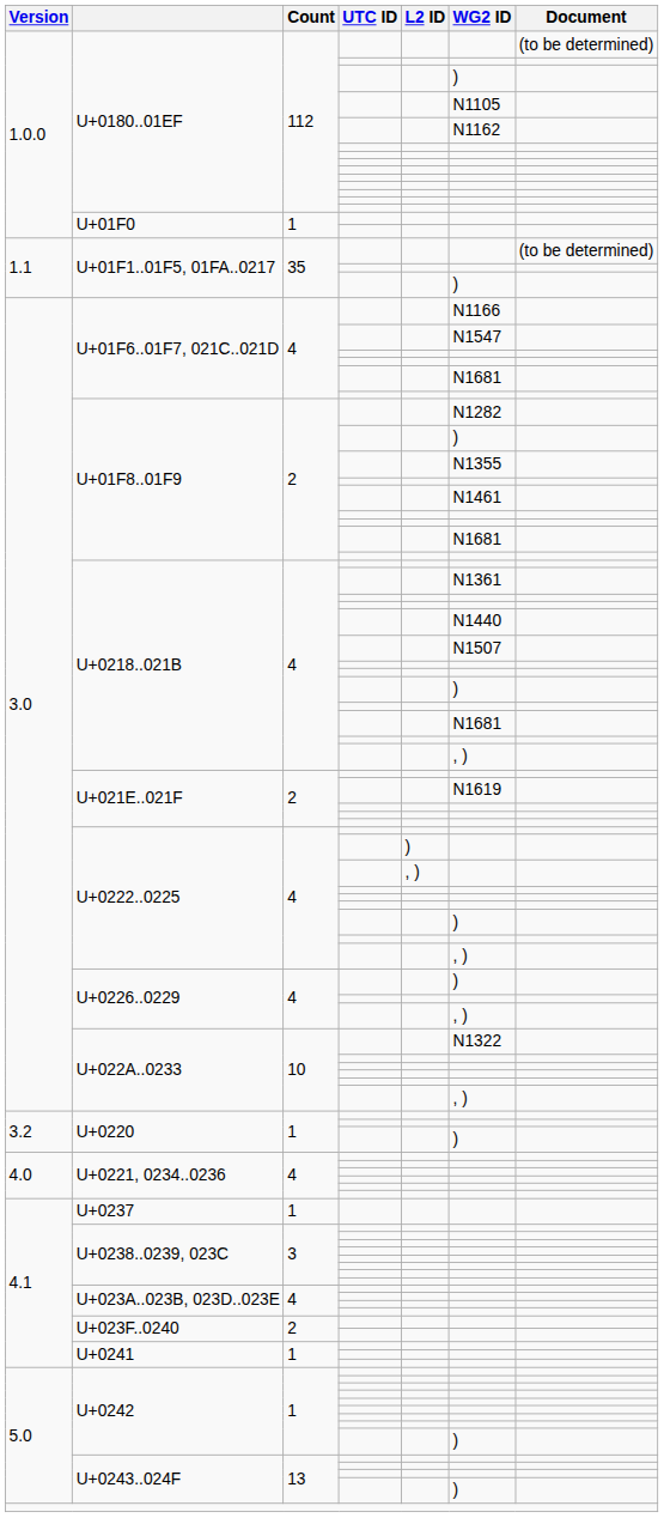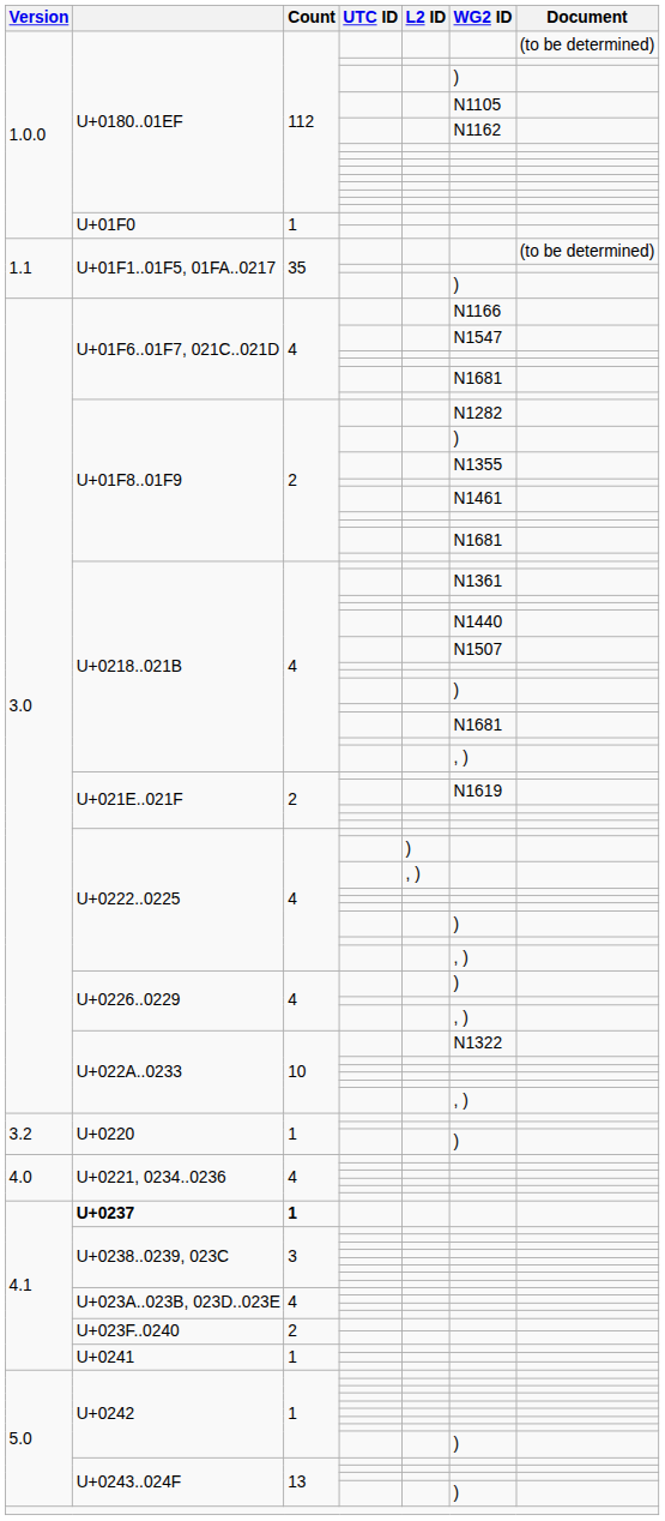 <table class="wikitable collapsible collapsed sticky-header">
 <tr>
 <th><a href='#'>Version</a></th>
 <th></th>
 <th>Count</th>
 <th><a href='#'>UTC</a> ID</th>
 <th><a href='#'>L2</a> ID</th>
 <th><a href='#'>WG2</a> ID</th>
 <th>Document</th>
 </tr>
 <tr>
 <td rowspan="16">1.0.0</td>
 <td rowspan="14">U+0180..01EF</td>
 <td rowspan="14">112</td>
 <td></td>
 <td></td>
 <td></td>
 <td>(to be determined)</td>
 </tr>
 <tr>
 <td></td>
 <td></td>
 <td></td>
 <td></td>
 </tr>
 <tr>
 <td></td>
 <td></td>
 <td> )</td>
 <td></td>
 </tr>
 <tr>
 <td></td>
 <td></td>
 <td>N1105</td>
 <td></td>
 </tr>
 <tr>
 <td></td>
 <td></td>
 <td>N1162</td>
 <td></td>
 </tr>
 <tr>
 <td></td>
 <td></td>
 <td></td>
 <td></td>
 </tr>
 <tr>
 <td></td>
 <td></td>
 <td></td>
 <td></td>
 </tr>
 <tr>
 <td></td>
 <td></td>
 <td></td>
 <td></td>
 </tr>
 <tr>
 <td></td>
 <td></td>
 <td></td>
 <td></td>
 </tr>
 <tr>
 <td></td>
 <td></td>
 <td></td>
 <td></td>
 </tr>
 <tr>
 <td></td>
 <td></td>
 <td></td>
 <td></td>
 </tr>
 <tr>
 <td></td>
 <td></td>
 <td></td>
 <td></td>
 </tr>
 <tr>
 <td></td>
 <td></td>
 <td></td>
 <td></td>
 </tr>
 <tr>
 <td></td>
 <td></td>
 <td></td>
 <td></td>
 </tr>
 <tr>
 <td rowspan="2">U+01F0</td>
 <td rowspan="2">1</td>
 <td></td>
 <td></td>
 <td></td>
 <td></td>
 </tr>
 <tr>
 <td></td>
 <td></td>
 <td></td>
 <td></td>
 </tr>
 <tr>
 <td rowspan="3">1.1</td>
 <td rowspan="3">U+01F1..01F5, 01FA..0217</td>
 <td rowspan="3">35</td>
 <td></td>
 <td></td>
 <td></td>
 <td>(to be determined)</td>
 </tr>
 <tr>
 <td></td>
 <td></td>
 <td></td>
 <td></td>
 </tr>
 <tr>
 <td></td>
 <td></td>
 <td> )</td>
 <td></td>
 </tr>
 <tr>
 <td rowspan="51">3.0</td>
 <td rowspan="6">U+01F6..01F7, 021C..021D</td>
 <td rowspan="6">4</td>
 <td></td>
 <td></td>
 <td>N1166</td>
 <td></td>
 </tr>
 <tr>
 <td></td>
 <td></td>
 <td>N1547</td>
 <td></td>
 </tr>
 <tr>
 <td></td>
 <td></td>
 <td></td>
 <td></td>
 </tr>
 <tr>
 <td></td>
 <td></td>
 <td></td>
 <td></td>
 </tr>
 <tr>
 <td></td>
 <td></td>
 <td>N1681</td>
 <td></td>
 </tr>
 <tr>
 <td></td>
 <td></td>
 <td></td>
 <td></td>
 </tr>
 <tr>
 <td rowspan="9">U+01F8..01F9</td>
 <td rowspan="9">2</td>
 <td></td>
 <td></td>
 <td>N1282</td>
 <td></td>
 </tr>
 <tr>
 <td></td>
 <td></td>
 <td> )</td>
 <td></td>
 </tr>
 <tr>
 <td></td>
 <td></td>
 <td>N1355</td>
 <td></td>
 </tr>
 <tr>
 <td></td>
 <td></td>
 <td></td>
 <td></td>
 </tr>
 <tr>
 <td></td>
 <td></td>
 <td>N1461</td>
 <td></td>
 </tr>
 <tr>
 <td></td>
 <td></td>
 <td></td>
 <td></td>
 </tr>
 <tr>
 <td></td>
 <td></td>
 <td></td>
 <td></td>
 </tr>
 <tr>
 <td></td>
 <td></td>
 <td>N1681</td>
 <td></td>
 </tr>
 <tr>
 <td></td>
 <td></td>
 <td></td>
 <td></td>
 </tr>
 <tr>
 <td rowspan="13">U+0218..021B</td>
 <td rowspan="13">4</td>
 <td></td>
 <td></td>
 <td></td>
 <td></td>
 </tr>
 <tr>
 <td></td>
 <td></td>
 <td>N1361</td>
 <td></td>
 </tr>
 <tr>
 <td></td>
 <td></td>
 <td></td>
 <td></td>
 </tr>
 <tr>
 <td></td>
 <td></td>
 <td></td>
 <td></td>
 </tr>
 <tr>
 <td></td>
 <td></td>
 <td>N1440</td>
 <td></td>
 </tr>
 <tr>
 <td></td>
 <td></td>
 <td>N1507</td>
 <td></td>
 </tr>
 <tr>
 <td></td>
 <td></td>
 <td></td>
 <td></td>
 </tr>
 <tr>
 <td></td>
 <td></td>
 <td></td>
 <td></td>
 </tr>
 <tr>
 <td></td>
 <td></td>
 <td> )</td>
 <td></td>
 </tr>
 <tr>
 <td></td>
 <td></td>
 <td></td>
 <td></td>
 </tr>
 <tr>
 <td></td>
 <td></td>
 <td>N1681</td>
 <td></td>
 </tr>
 <tr>
 <td></td>
 <td></td>
 <td></td>
 <td></td>
 </tr>
 <tr>
 <td></td>
 <td></td>
 <td> , )</td>
 <td></td>
 </tr>
 <tr>
 <td rowspan="5">U+021E..021F</td>
 <td rowspan="5">2</td>
 <td></td>
 <td></td>
 <td></td>
 <td></td>
 </tr>
 <tr>
 <td></td>
 <td></td>
 <td>N1619</td>
 <td></td>
 </tr>
 <tr>
 <td></td>
 <td></td>
 <td></td>
 <td></td>
 </tr>
 <tr>
 <td></td>
 <td></td>
 <td></td>
 <td></td>
 </tr>
 <tr>
 <td></td>
 <td></td>
 <td></td>
 <td></td>
 </tr>
 <tr>
 <td rowspan="9">U+0222..0225</td>
 <td rowspan="9">4</td>
 <td></td>
 <td></td>
 <td></td>
 <td></td>
 </tr>
 <tr>
 <td></td>
 <td> )</td>
 <td></td>
 <td></td>
 </tr>
 <tr>
 <td></td>
 <td> , )</td>
 <td></td>
 <td></td>
 </tr>
 <tr>
 <td></td>
 <td></td>
 <td></td>
 <td></td>
 </tr>
 <tr>
 <td></td>
 <td></td>
 <td></td>
 <td></td>
 </tr>
 <tr>
 <td></td>
 <td></td>
 <td></td>
 <td></td>
 </tr>
 <tr>
 <td></td>
 <td></td>
 <td> )</td>
 <td></td>
 </tr>
 <tr>
 <td></td>
 <td></td>
 <td></td>
 <td></td>
 </tr>
 <tr>
 <td></td>
 <td></td>
 <td> , )</td>
 <td></td>
 </tr>
 <tr>
 <td rowspan="3">U+0226..0229</td>
 <td rowspan="3">4</td>
 <td></td>
 <td></td>
 <td> )</td>
 <td></td>
 </tr>
 <tr>
 <td></td>
 <td></td>
 <td></td>
 <td></td>
 </tr>
 <tr>
 <td></td>
 <td></td>
 <td> , )</td>
 <td></td>
 </tr>
 <tr>
 <td rowspan="6">U+022A..0233</td>
 <td rowspan="6">10</td>
 <td></td>
 <td></td>
 <td>N1322</td>
 <td></td>
 </tr>
 <tr>
 <td></td>
 <td></td>
 <td></td>
 <td></td>
 </tr>
 <tr>
 <td></td>
 <td></td>
 <td></td>
 <td></td>
 </tr>
 <tr>
 <td></td>
 <td></td>
 <td></td>
 <td></td>
 </tr>
 <tr>
 <td></td>
 <td></td>
 <td></td>
 <td></td>
 </tr>
 <tr>
 <td></td>
 <td></td>
 <td> , )</td>
 <td></td>
 </tr>
 <tr>
 <td rowspan="3">3.2</td>
 <td rowspan="3">U+0220</td>
 <td rowspan="3">1</td>
 <td></td>
 <td></td>
 <td></td>
 <td></td>
 </tr>
 <tr>
 <td></td>
 <td></td>
 <td></td>
 <td></td>
 </tr>
 <tr>
 <td></td>
 <td></td>
 <td> )</td>
 <td></td>
 </tr>
 <tr>
 <td rowspan="6">4.0</td>
 <td rowspan="6">U+0221, 0234..0236</td>
 <td rowspan="6">4</td>
 <td></td>
 <td></td>
 <td></td>
 <td></td>
 </tr>
 <tr>
 <td></td>
 <td></td>
 <td></td>
 <td></td>
 </tr>
 <tr>
 <td></td>
 <td></td>
 <td></td>
 <td></td>
 </tr>
 <tr>
 <td></td>
 <td></td>
 <td></td>
 <td></td>
 </tr>
 <tr>
 <td></td>
 <td></td>
 <td></td>
 <td></td>
 </tr>
 <tr>
 <td></td>
 <td></td>
 <td></td>
 <td></td>
 </tr>
 <tr>
 <td rowspan="18">4.1</td>
-<td>U+0237</td>
-<td>1</td>
+<td><strong>U+0237</strong></td>
+<td><strong>1</strong></td>
 <td></td>
 <td></td>
 <td></td>
 <td></td>
 </tr>
 <tr>
 <td rowspan="8">U+0238..0239, 023C</td>
 <td rowspan="8">3</td>
 <td></td>
 <td></td>
 <td></td>
 <td></td>
 </tr>
 <tr>
 <td></td>
 <td></td>
 <td></td>
 <td></td>
 </tr>
 <tr>
 <td></td>
 <td></td>
 <td></td>
 <td></td>
 </tr>
 <tr>
 <td></td>
 <td></td>
 <td></td>
 <td></td>
 </tr>
 <tr>
 <td></td>
 <td></td>
 <td></td>
 <td></td>
 </tr>
 <tr>
 <td></td>
 <td></td>
 <td></td>
 <td></td>
 </tr>
 <tr>
 <td></td>
 <td></td>
 <td></td>
 <td></td>
 </tr>
 <tr>
 <td></td>
 <td></td>
 <td></td>
 <td></td>
 </tr>
 <tr>
 <td rowspan="4">U+023A..023B, 023D..023E</td>
 <td rowspan="4">4</td>
 <td></td>
 <td></td>
 <td></td>
 <td></td>
 </tr>
 <tr>
 <td></td>
 <td></td>
 <td></td>
 <td></td>
 </tr>
 <tr>
 <td></td>
 <td></td>
 <td></td>
 <td></td>
 </tr>
 <tr>
 <td></td>
 <td></td>
 <td></td>
 <td></td>
 </tr>
 <tr>
 <td rowspan="2">U+023F..0240</td>
 <td rowspan="2">2</td>
 <td></td>
 <td></td>
 <td></td>
 <td></td>
 </tr>
 <tr>
 <td></td>
 <td></td>
 <td></td>
 <td></td>
 </tr>
 <tr>
 <td rowspan="3">U+0241</td>
 <td rowspan="3">1</td>
 <td></td>
 <td></td>
 <td></td>
 <td></td>
 </tr>
 <tr>
 <td></td>
 <td></td>
 <td></td>
 <td></td>
 </tr>
 <tr>
 <td></td>
 <td></td>
 <td></td>
 <td></td>
 </tr>
 <tr>
 <td rowspan="13">5.0</td>
 <td rowspan="9">U+0242</td>
 <td rowspan="9">1</td>
 <td></td>
 <td></td>
 <td></td>
 <td></td>
 </tr>
 <tr>
 <td></td>
 <td></td>
 <td></td>
 <td></td>
 </tr>
 <tr>
 <td></td>
 <td></td>
 <td></td>
 <td></td>
 </tr>
 <tr>
 <td></td>
 <td></td>
 <td></td>
 <td></td>
 </tr>
 <tr>
 <td></td>
 <td></td>
 <td></td>
 <td></td>
 </tr>
 <tr>
 <td></td>
 <td></td>
 <td></td>
 <td></td>
 </tr>
 <tr>
 <td></td>
 <td></td>
 <td></td>
 <td></td>
 </tr>
 <tr>
 <td></td>
 <td></td>
 <td></td>
 <td></td>
 </tr>
 <tr>
 <td></td>
 <td></td>
 <td> )</td>
 <td></td>
 </tr>
 <tr>
 <td rowspan="4">U+0243..024F</td>
 <td rowspan="4">13</td>
 <td></td>
 <td></td>
 <td></td>
 <td></td>
 </tr>
 <tr>
 <td></td>
 <td></td>
 <td></td>
 <td></td>
 </tr>
 <tr>
 <td></td>
 <td></td>
 <td></td>
 <td></td>
 </tr>
 <tr>
 <td></td>
 <td></td>
 <td> )</td>
 <td></td>
 </tr>
 <tr class="sortbottom">
 <td colspan="7"></td>
 </tr>
 </table>
